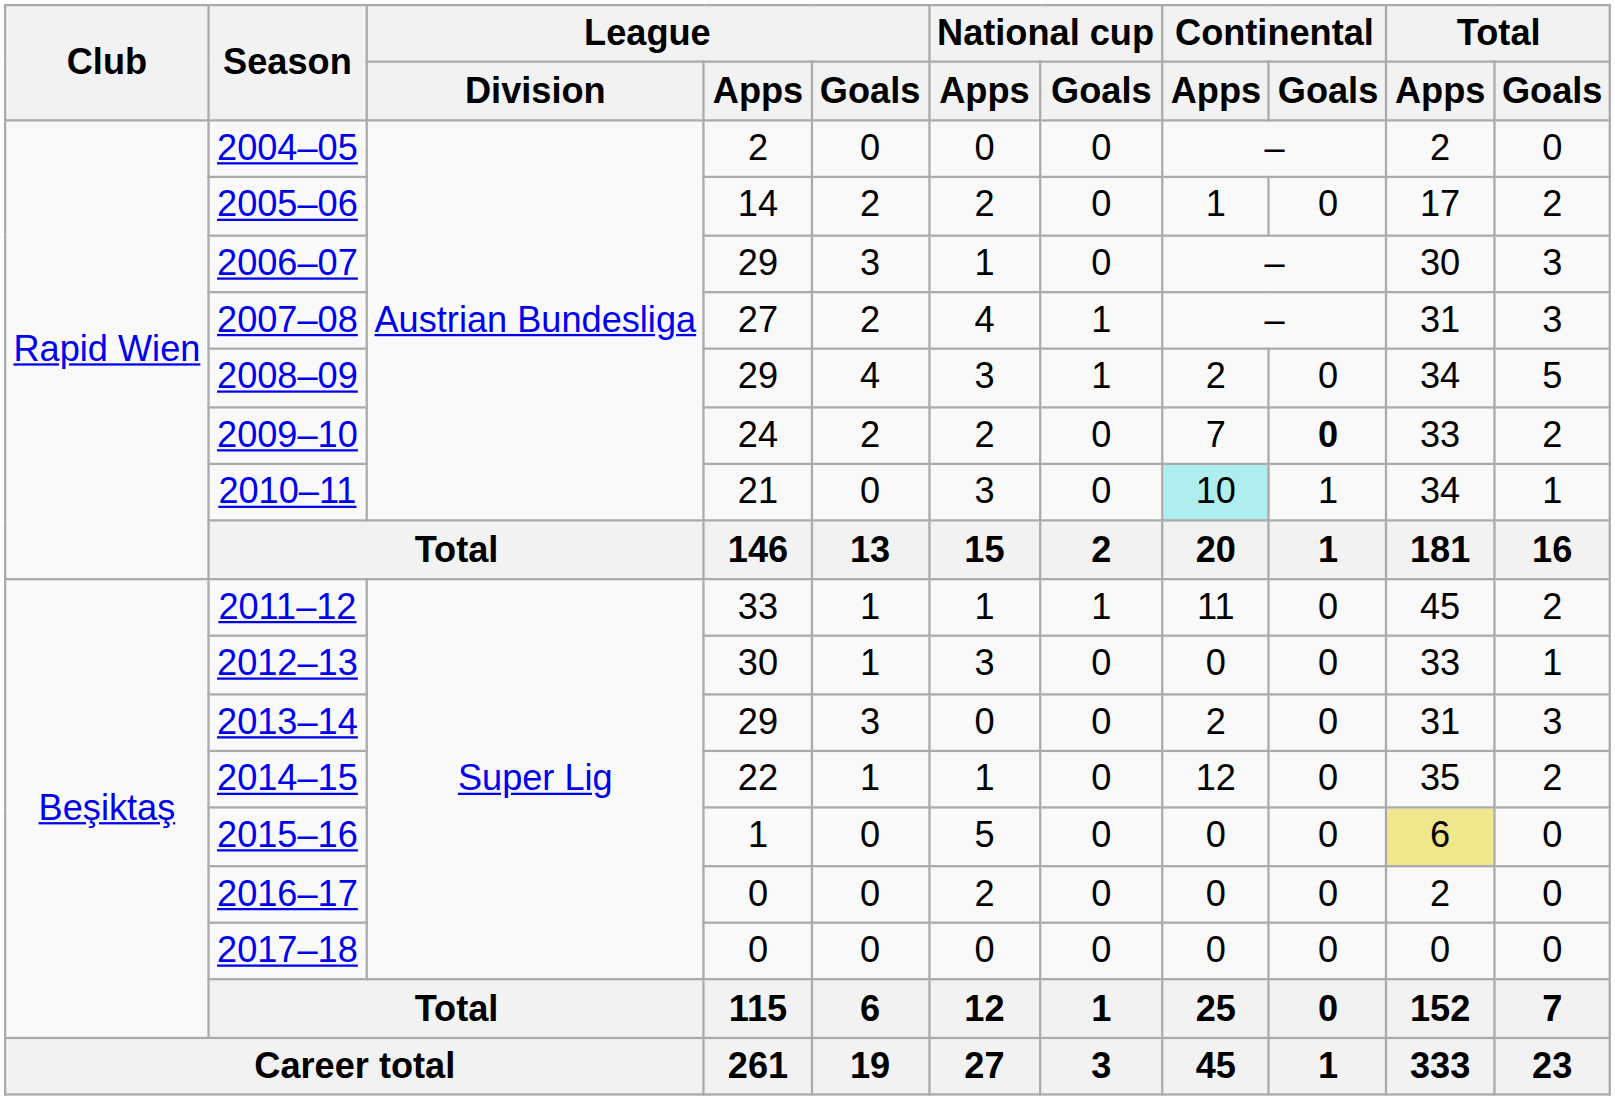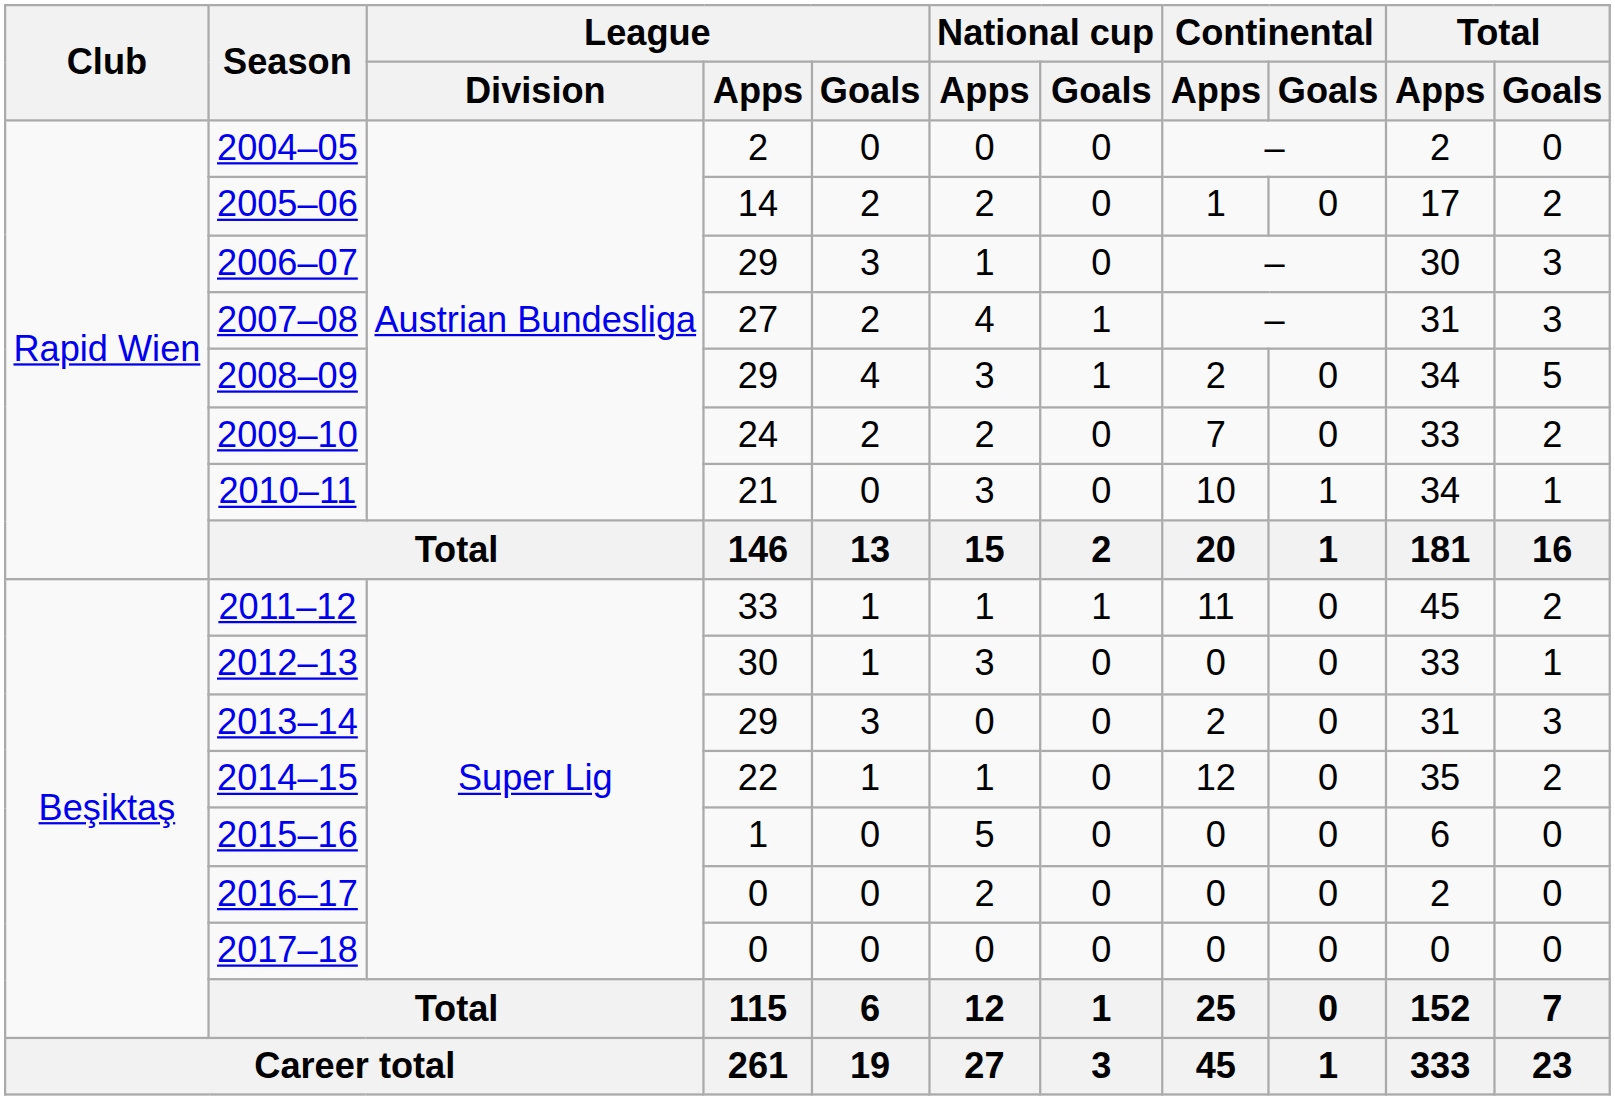 <table class="wikitable" style="text-align: center;">
 <tr>
 <th rowspan="2">Club</th>
 <th rowspan="2">Season</th>
 <th colspan="3">League</th>
 <th colspan="2">National cup</th>
 <th colspan="2">Continental</th>
 <th colspan="2">Total</th>
 </tr>
 <tr>
 <th>Division</th>
 <th>Apps</th>
 <th>Goals</th>
 <th>Apps</th>
 <th>Goals</th>
 <th>Apps</th>
 <th>Goals</th>
 <th>Apps</th>
 <th>Goals</th>
 </tr>
 <tr>
 <td rowspan="8"><a href='#'>Rapid Wien</a></td>
 <td><a href='#'>2004–05</a></td>
 <td rowspan="7"><a href='#'>Austrian Bundesliga</a></td>
 <td>2</td>
 <td>0</td>
 <td>0</td>
 <td>0</td>
 <td colspan="2">–</td>
 <td>2</td>
 <td>0</td>
 </tr>
 <tr>
 <td><a href='#'>2005–06</a></td>
 <td>14</td>
 <td>2</td>
 <td>2</td>
 <td>0</td>
 <td>1</td>
 <td>0</td>
 <td>17</td>
 <td>2</td>
 </tr>
 <tr>
 <td><a href='#'>2006–07</a></td>
 <td>29</td>
 <td>3</td>
 <td>1</td>
 <td>0</td>
 <td colspan="2">–</td>
 <td>30</td>
 <td>3</td>
 </tr>
 <tr>
 <td><a href='#'>2007–08</a></td>
 <td>27</td>
 <td>2</td>
 <td>4</td>
 <td>1</td>
 <td colspan="2">–</td>
 <td>31</td>
 <td>3</td>
 </tr>
 <tr>
 <td><a href='#'>2008–09</a></td>
 <td>29</td>
 <td>4</td>
 <td>3</td>
 <td>1</td>
 <td>2</td>
 <td>0</td>
 <td>34</td>
 <td>5</td>
 </tr>
 <tr>
 <td><a href='#'>2009–10</a></td>
 <td>24</td>
 <td>2</td>
 <td>2</td>
 <td>0</td>
 <td>7</td>
-<td><strong>0</strong></td>
+<td>0</td>
 <td>33</td>
 <td>2</td>
 </tr>
 <tr>
 <td><a href='#'>2010–11</a></td>
 <td>21</td>
 <td>0</td>
 <td>3</td>
 <td>0</td>
-<td style="background: paleturquoise;">10</td>
+<td>10</td>
 <td>1</td>
 <td>34</td>
 <td>1</td>
 </tr>
 <tr>
 <th colspan="2">Total</th>
 <th>146</th>
 <th>13</th>
 <th>15</th>
 <th>2</th>
 <th>20</th>
 <th>1</th>
 <th>181</th>
 <th>16</th>
 </tr>
 <tr>
 <td rowspan="8"><a href='#'>Beşiktaş</a></td>
 <td><a href='#'>2011–12</a></td>
 <td rowspan="7"><a href='#'>Super Lig</a></td>
 <td>33</td>
 <td>1</td>
 <td>1</td>
 <td>1</td>
 <td>11</td>
 <td>0</td>
 <td>45</td>
 <td>2</td>
 </tr>
 <tr>
 <td><a href='#'>2012–13</a></td>
 <td>30</td>
 <td>1</td>
 <td>3</td>
 <td>0</td>
 <td>0</td>
 <td>0</td>
 <td>33</td>
 <td>1</td>
 </tr>
 <tr>
 <td><a href='#'>2013–14</a></td>
 <td>29</td>
 <td>3</td>
 <td>0</td>
 <td>0</td>
 <td>2</td>
 <td>0</td>
 <td>31</td>
 <td>3</td>
 </tr>
 <tr>
 <td><a href='#'>2014–15</a></td>
 <td>22</td>
 <td>1</td>
 <td>1</td>
 <td>0</td>
 <td>12</td>
 <td>0</td>
 <td>35</td>
 <td>2</td>
 </tr>
 <tr>
 <td><a href='#'>2015–16</a></td>
 <td>1</td>
 <td>0</td>
 <td>5</td>
 <td>0</td>
 <td>0</td>
 <td>0</td>
-<td style="background: khaki;">6</td>
+<td>6</td>
 <td>0</td>
 </tr>
 <tr>
 <td><a href='#'>2016–17</a></td>
 <td>0</td>
 <td>0</td>
 <td>2</td>
 <td>0</td>
 <td>0</td>
 <td>0</td>
 <td>2</td>
 <td>0</td>
 </tr>
 <tr>
 <td><a href='#'>2017–18</a></td>
 <td>0</td>
 <td>0</td>
 <td>0</td>
 <td>0</td>
 <td>0</td>
 <td>0</td>
 <td>0</td>
 <td>0</td>
 </tr>
 <tr>
 <th colspan="2">Total</th>
 <th>115</th>
 <th>6</th>
 <th>12</th>
 <th>1</th>
 <th>25</th>
 <th>0</th>
 <th>152</th>
 <th>7</th>
 </tr>
 <tr>
 <th colspan="3">Career total</th>
 <th>261</th>
 <th>19</th>
 <th>27</th>
 <th>3</th>
 <th>45</th>
 <th>1</th>
 <th>333</th>
 <th>23</th>
 </tr>
 </table>
